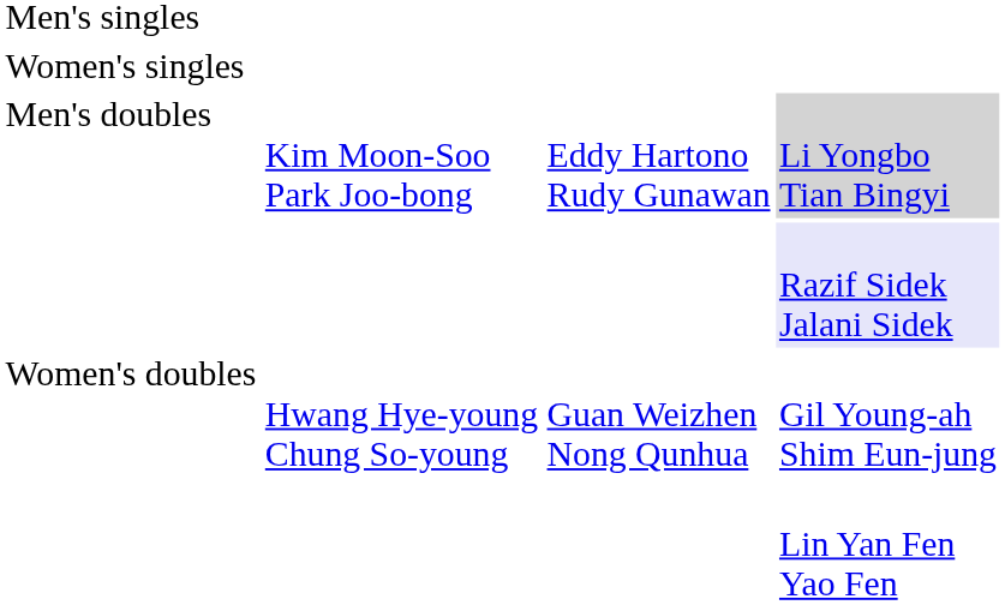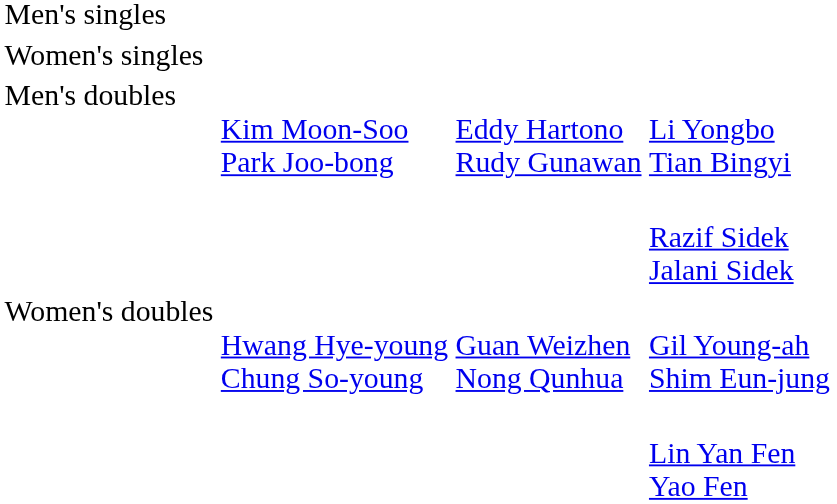 <table>
 <tr valign="top">
 <td rowspan=2>Men's singles<br></td>
 <td rowspan=2></td>
 <td rowspan=2></td>
 <td></td>
 </tr>
 <tr>
 <td></td>
 </tr>
 <tr valign="top">
 <td rowspan=2>Women's singles<br></td>
 <td rowspan=2></td>
 <td rowspan=2></td>
 <td></td>
 </tr>
 <tr>
 <td></td>
 </tr>
 <tr valign="top">
 <td rowspan=2>Men's doubles<br></td>
 <td rowspan=2><br><a href='#'>Kim Moon-Soo</a><br><a href='#'>Park Joo-bong</a></td>
 <td rowspan=2><br><a href='#'>Eddy Hartono</a><br><a href='#'>Rudy Gunawan</a></td>
-<td style="background: lightgrey;"><br><a href='#'>Li Yongbo</a><br><a href='#'>Tian Bingyi</a></td>
+<td><br><a href='#'>Li Yongbo</a><br><a href='#'>Tian Bingyi</a></td>
 </tr>
 <tr>
-<td style="background: lavender;"><br><a href='#'>Razif Sidek</a><br><a href='#'>Jalani Sidek</a></td>
+<td><br><a href='#'>Razif Sidek</a><br><a href='#'>Jalani Sidek</a></td>
 </tr>
 <tr valign="top">
 <td rowspan=2>Women's doubles<br></td>
 <td rowspan=2><br><a href='#'>Hwang Hye-young</a><br><a href='#'>Chung So-young</a></td>
 <td rowspan=2><br><a href='#'>Guan Weizhen</a><br><a href='#'>Nong Qunhua</a></td>
 <td><br><a href='#'>Gil Young-ah</a><br><a href='#'>Shim Eun-jung</a></td>
 </tr>
 <tr>
 <td><br><a href='#'>Lin Yan Fen</a><br><a href='#'>Yao Fen</a></td>
 </tr>
 </table>
